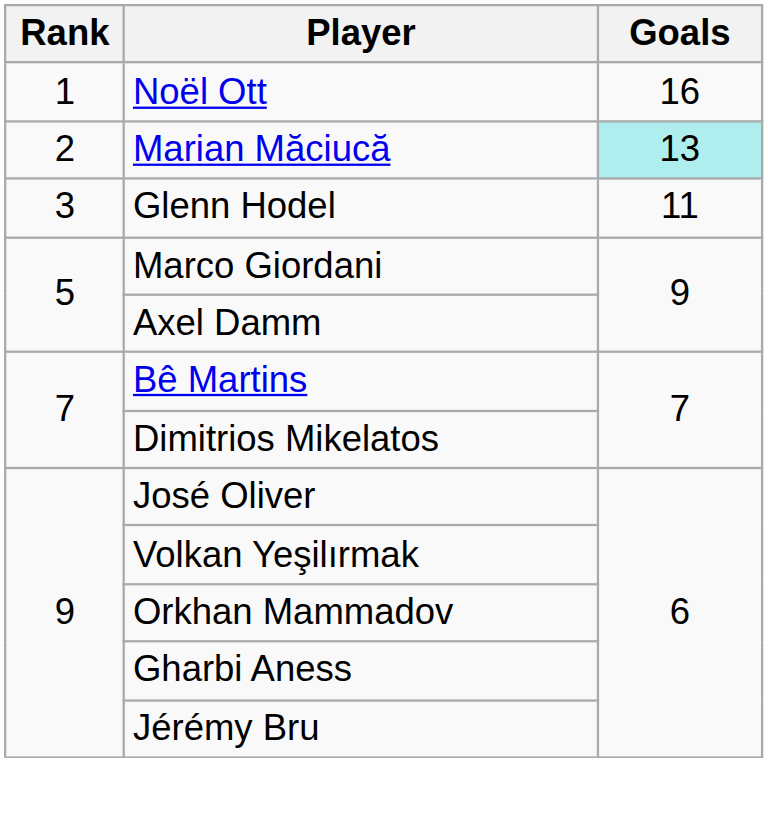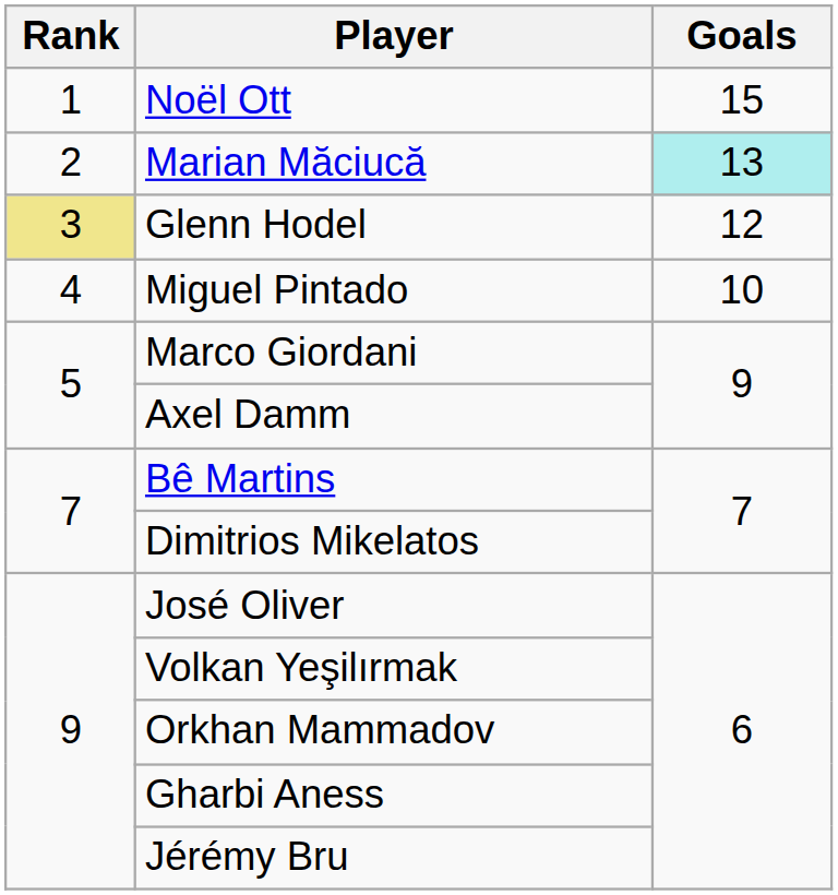 <table class="wikitable" style="text-align:center">
 <tr>
 <th width=45>Rank</th>
 <th width=200>Player</th>
 <th width=65>Goals</th>
 </tr>
 <tr>
 <td>1</td>
 <td style="text-align:left"> <a href='#'>Noël Ott</a></td>
-<td>16</td>
+<td>15</td>
 </tr>
 <tr>
 <td>2</td>
 <td style="text-align:left"> <a href='#'>Marian Măciucă</a></td>
 <td style="background: paleturquoise;">13</td>
 </tr>
 <tr>
-<td>3</td>
+<td style="background: khaki;">3</td>
 <td style="text-align:left"> Glenn Hodel</td>
-<td>11</td>
+<td>12</td>
+</tr>
+<tr>
+<td>4</td>
+<td style="text-align:left"> Miguel Pintado</td>
+<td>10</td>
 </tr>
 <tr>
 <td rowspan=2>5</td>
 <td style="text-align:left"> Marco Giordani</td>
 <td rowspan=2>9</td>
 </tr>
 <tr>
 <td style="text-align:left"> Axel Damm</td>
 </tr>
 <tr>
 <td rowspan=2>7</td>
 <td style="text-align:left"> <a href='#'>Bê Martins</a></td>
 <td rowspan=2>7</td>
 </tr>
 <tr>
 <td style="text-align:left"> Dimitrios Mikelatos</td>
 </tr>
 <tr>
 <td rowspan=5>9</td>
 <td style="text-align:left"> José Oliver</td>
 <td rowspan=5>6</td>
 </tr>
 <tr>
 <td style="text-align:left"> Volkan Yeşilırmak</td>
 </tr>
 <tr>
 <td style="text-align:left"> Orkhan Mammadov</td>
 </tr>
 <tr>
 <td style="text-align:left"> Gharbi Aness</td>
 </tr>
 <tr>
 <td style="text-align:left"> Jérémy Bru</td>
 </tr>
 </table>
